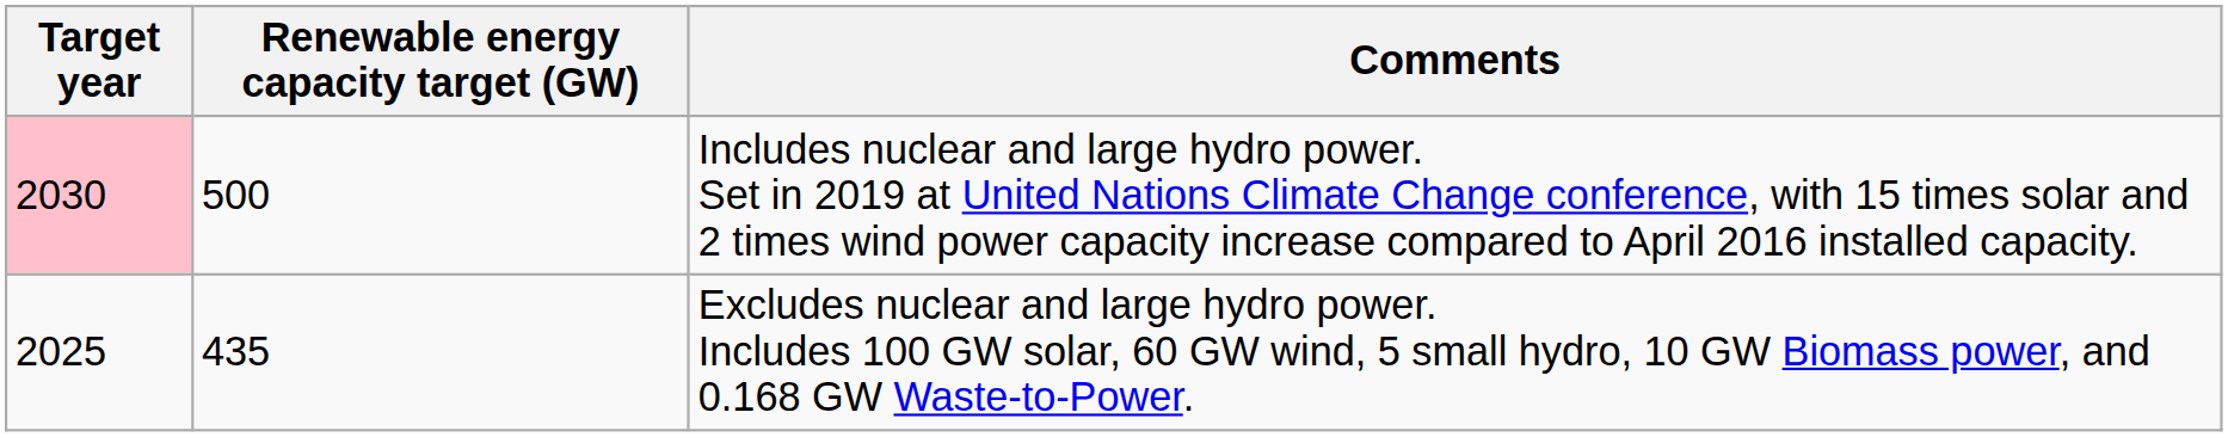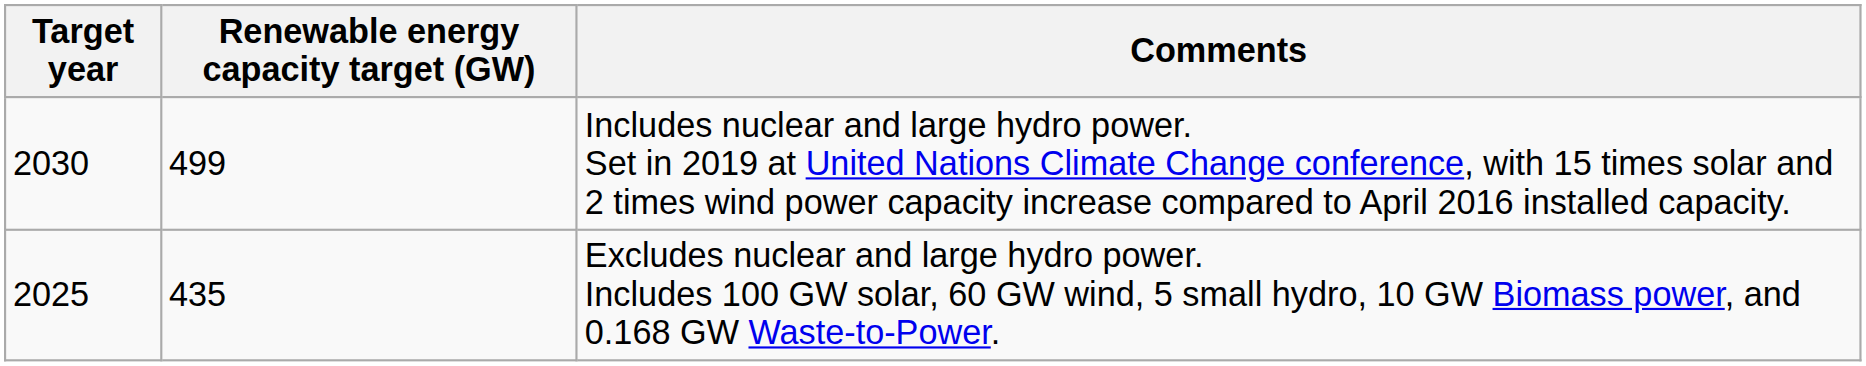 <table class="wikitable sortable" border="1">
 <tr>
 <th>Target year</th>
 <th>Renewable energy capacity target (GW)</th>
 <th>Comments</th>
 </tr>
 <tr>
-<td style="background: pink;">2030</td>
-<td>500</td>
+<td>2030</td>
+<td>499</td>
 <td>Includes nuclear and large hydro power.<br> Set in 2019 at <a href='#'>United Nations Climate Change conference</a>, with 15 times solar and 2 times wind power capacity increase compared to April 2016 installed capacity.</td>
 </tr>
 <tr>
 <td>2025</td>
 <td>435</td>
 <td>Excludes nuclear and large hydro power.<br> Includes 100 GW solar, 60 GW wind, 5 small hydro, 10 GW <a href='#'>Biomass power</a>, and 0.168 GW <a href='#'>Waste-to-Power</a>.</td>
 </tr>
 </table>
